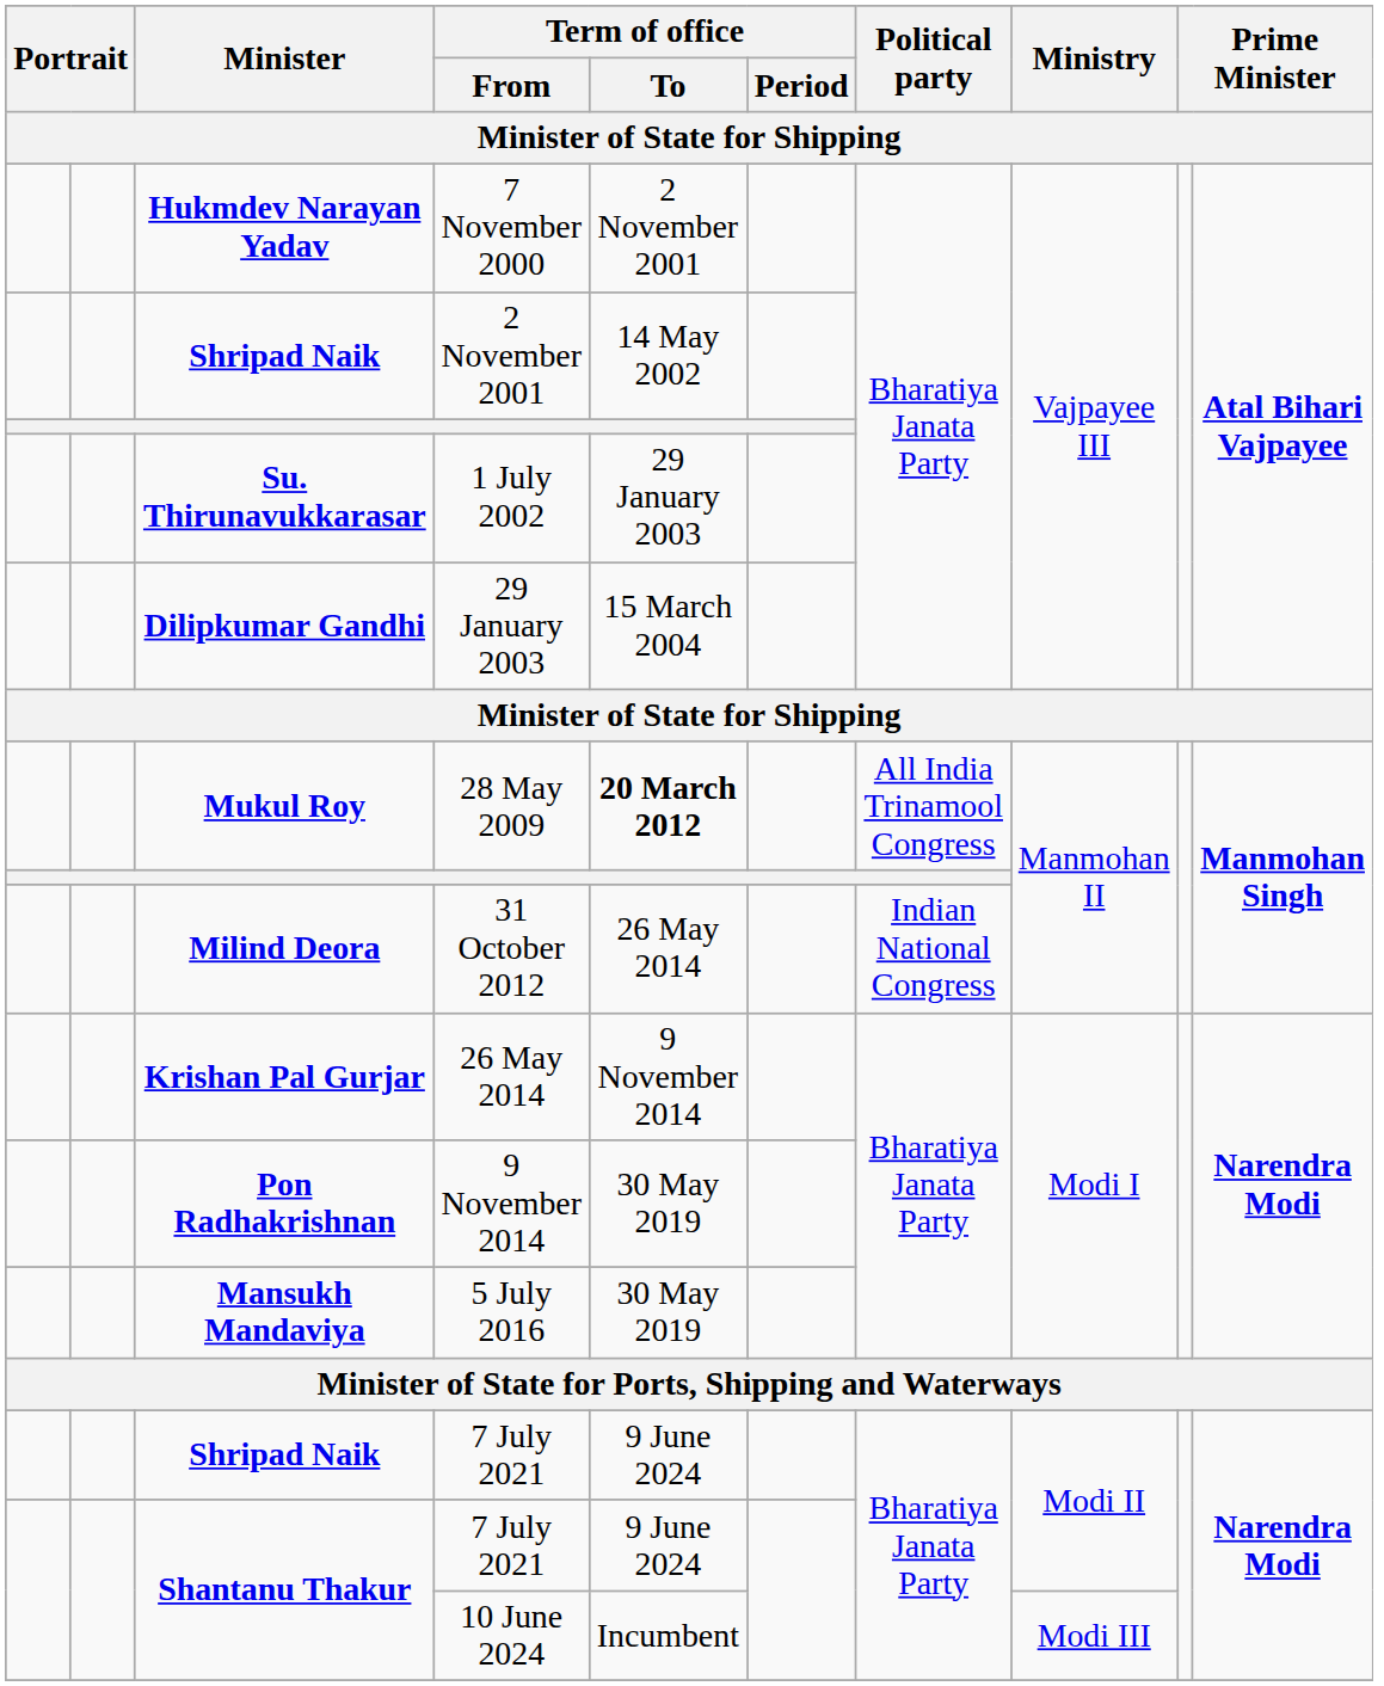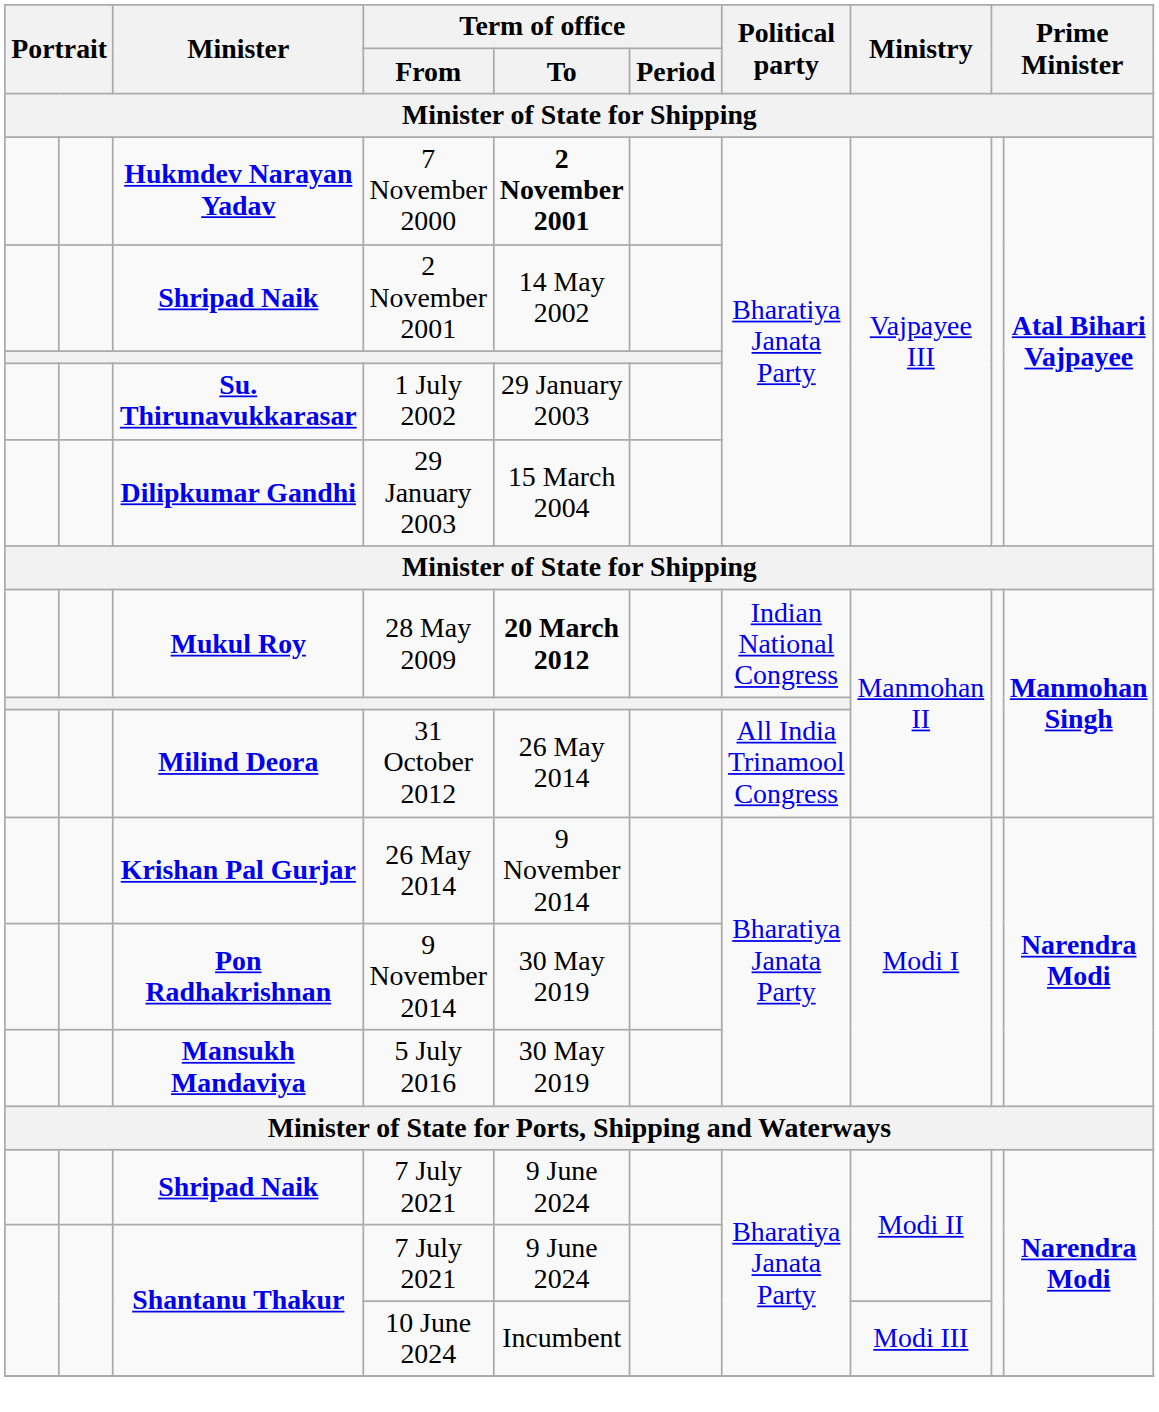 <table class="wikitable" style="text-align:center">
 <tr>
 <th rowspan="2" colspan="2">Portrait</th>
 <th rowspan="2" style="width:16em">Minister<br></th>
 <th colspan="3">Term of office</th>
 <th rowspan="2" style="width:8em">Political party</th>
 <th rowspan="2" style="width:6em">Ministry</th>
 <th rowspan="2" colspan="2">Prime Minister</th>
 </tr>
 <tr>
 <th style="width:8em">From</th>
 <th style="width:8em">To</th>
 <th style="width:6em">Period</th>
 </tr>
 <tr>
 <th colspan="10">Minister of State for Shipping</th>
 </tr>
 <tr>
 <td></td>
 <td></td>
 <td><strong><a href='#'>Hukmdev Narayan Yadav</a></strong><br></td>
 <td>7 November<br>2000</td>
-<td>2 November<br>2001</td>
+<td><strong>2 November<br>2001</strong></td>
 <td><strong></strong></td>
 <td rowspan="5"><a href='#'>Bharatiya Janata Party</a></td>
 <td rowspan="5"><a href='#'>Vajpayee III</a></td>
 <td rowspan="5"></td>
 <td rowspan="5" style="width:9em"><strong><a href='#'>Atal Bihari Vajpayee</a></strong></td>
 </tr>
 <tr>
 <td></td>
 <td></td>
 <td><strong><a href='#'>Shripad Naik</a></strong><br></td>
 <td>2 November<br>2001</td>
 <td>14 May<br>2002</td>
 <td><strong></strong></td>
 </tr>
 <tr>
 <th colspan="6"></th>
 </tr>
 <tr>
 <td></td>
 <td></td>
 <td><strong><a href='#'>Su. Thirunavukkarasar</a></strong><br></td>
 <td>1 July<br>2002</td>
 <td>29 January<br>2003</td>
 <td><strong></strong></td>
 </tr>
 <tr>
 <td></td>
 <td></td>
 <td><strong><a href='#'>Dilipkumar Gandhi</a></strong><br></td>
 <td>29 January<br>2003</td>
 <td>15 March<br>2004</td>
 <td><strong></strong></td>
 </tr>
 <tr>
 <th colspan="10">Minister of State for Shipping</th>
 </tr>
 <tr>
 <td></td>
 <td></td>
 <td><strong><a href='#'>Mukul Roy</a></strong><br></td>
 <td>28 May<br>2009</td>
 <td><strong>20 March<br>2012</strong></td>
 <td><strong></strong></td>
-<td><a href='#'>All India Trinamool Congress</a></td>
+<td><a href='#'>Indian National Congress</a></td>
 <td rowspan="3"><a href='#'>Manmohan II</a></td>
 <td rowspan="3"></td>
 <td rowspan="3"><strong><a href='#'>Manmohan Singh</a></strong></td>
 </tr>
 <tr>
 <th colspan="7"></th>
 </tr>
 <tr>
 <td></td>
 <td></td>
 <td><strong><a href='#'>Milind Deora</a></strong><br></td>
 <td>31 October<br>2012</td>
 <td>26 May<br>2014</td>
 <td><strong></strong></td>
-<td><a href='#'>Indian National Congress</a></td>
+<td><a href='#'>All India Trinamool Congress</a></td>
 </tr>
 <tr>
 <td></td>
 <td></td>
 <td><strong><a href='#'>Krishan Pal Gurjar</a></strong><br></td>
 <td>26 May<br>2014</td>
 <td>9 November<br>2014</td>
 <td><strong></strong></td>
 <td rowspan="3"><a href='#'>Bharatiya Janata Party</a></td>
 <td rowspan="3"><a href='#'>Modi I</a></td>
 <td rowspan="3"></td>
 <td rowspan="3"><strong><a href='#'>Narendra Modi</a></strong></td>
 </tr>
 <tr>
 <td></td>
 <td></td>
 <td><strong><a href='#'>Pon Radhakrishnan</a></strong><br></td>
 <td>9 November<br>2014</td>
 <td>30 May<br>2019</td>
 <td><strong></strong></td>
 </tr>
 <tr>
 <td></td>
 <td></td>
 <td><strong><a href='#'>Mansukh Mandaviya</a></strong><br></td>
 <td>5 July<br>2016</td>
 <td>30 May<br>2019</td>
 <td><strong></strong></td>
 </tr>
 <tr>
 <th colspan="10">Minister of State for Ports, Shipping and Waterways</th>
 </tr>
 <tr>
 <td></td>
 <td></td>
 <td><strong><a href='#'>Shripad Naik</a></strong><br></td>
 <td>7 July<br>2021</td>
 <td>9 June<br>2024</td>
 <td><strong></strong></td>
 <td rowspan="3"><a href='#'>Bharatiya Janata Party</a></td>
 <td rowspan="2"><a href='#'>Modi II</a></td>
 <td rowspan="3"></td>
 <td rowspan="3"><strong><a href='#'>Narendra Modi</a></strong></td>
 </tr>
 <tr>
 <td rowspan="2"></td>
 <td rowspan="2"></td>
 <td rowspan="2"><strong><a href='#'>Shantanu Thakur</a></strong><br></td>
 <td>7 July<br>2021</td>
 <td>9 June<br>2024</td>
 <td rowspan="2"><strong></strong></td>
 </tr>
 <tr>
 <td>10 June<br>2024</td>
 <td>Incumbent</td>
 <td><a href='#'>Modi III</a></td>
 </tr>
 <tr>
 </tr>
 </table>
